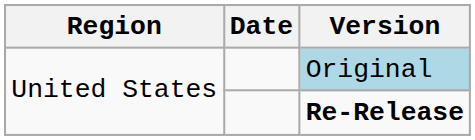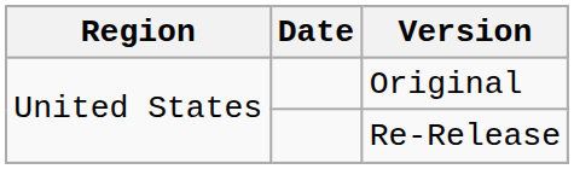 <table class="wikitable">
 <tr>
 <th>Region</th>
 <th>Date</th>
 <th>Version</th>
 </tr>
 <tr>
 <td rowspan="2">United States</td>
 <td></td>
-<td style="background: lightblue;">Original</td>
+<td>Original</td>
 </tr>
 <tr>
 <td></td>
-<td><strong>Re-Release</strong></td>
+<td>Re-Release</td>
 </tr>
 </table>
